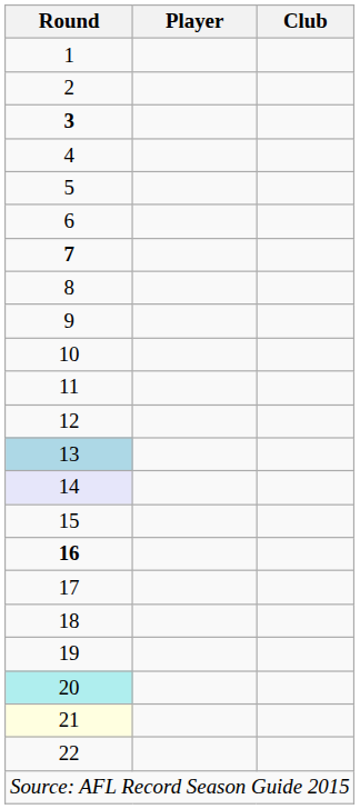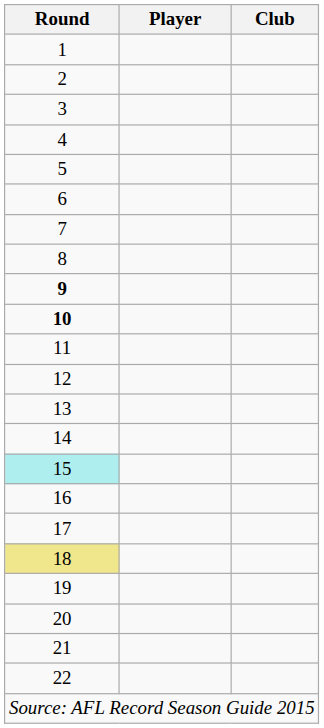 <table class="wikitable sortable" style="text-align:center">
 <tr>
 <th>Round</th>
 <th>Player</th>
 <th>Club</th>
 </tr>
 <tr>
 <td>1</td>
 <td></td>
 <td></td>
 </tr>
 <tr>
 <td>2</td>
 <td></td>
 <td></td>
 </tr>
 <tr>
-<td><strong>3</strong></td>
+<td>3</td>
 <td></td>
 <td></td>
 </tr>
 <tr>
 <td>4</td>
 <td></td>
 <td></td>
 </tr>
 <tr>
 <td>5</td>
 <td></td>
 <td></td>
 </tr>
 <tr>
 <td>6</td>
 <td></td>
 <td></td>
 </tr>
 <tr>
-<td><strong>7</strong></td>
+<td>7</td>
 <td><strong></strong></td>
 <td><strong></strong></td>
 </tr>
 <tr>
 <td>8</td>
 <td></td>
 <td></td>
 </tr>
 <tr>
-<td>9</td>
+<td><strong>9</strong></td>
 <td></td>
 <td></td>
 </tr>
 <tr>
-<td>10</td>
+<td><strong>10</strong></td>
 <td></td>
 <td></td>
 </tr>
 <tr>
 <td>11</td>
 <td></td>
 <td></td>
 </tr>
 <tr>
 <td>12</td>
 <td></td>
 <td></td>
 </tr>
 <tr>
-<td style="background: lightblue;">13</td>
+<td>13</td>
 <td></td>
 <td></td>
 </tr>
 <tr>
-<td style="background: lavender;">14</td>
+<td>14</td>
 <td></td>
 <td></td>
 </tr>
 <tr>
-<td>15</td>
+<td style="background: paleturquoise;">15</td>
 <td></td>
 <td></td>
 </tr>
 <tr>
-<td><strong>16</strong></td>
+<td>16</td>
 <td></td>
 <td></td>
 </tr>
 <tr>
 <td>17</td>
 <td></td>
 <td></td>
 </tr>
 <tr>
-<td>18</td>
+<td style="background: khaki;">18</td>
 <td></td>
 <td></td>
 </tr>
 <tr>
 <td>19</td>
 <td></td>
 <td></td>
 </tr>
 <tr>
-<td style="background: paleturquoise;">20</td>
+<td>20</td>
 <td></td>
 <td></td>
 </tr>
 <tr>
-<td style="background: lightyellow;">21</td>
+<td>21</td>
 <td></td>
 <td></td>
 </tr>
 <tr>
 <td>22</td>
 <td></td>
 <td></td>
 </tr>
 <tr class="sortbottom">
 <td colspan=4><em>Source: AFL Record Season Guide 2015</em></td>
 </tr>
 </table>
